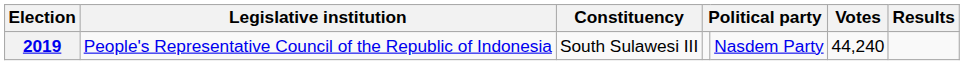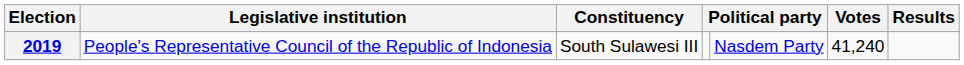 <table class="wikitable">
 <tr>
 <th>Election</th>
 <th><strong>Legislative institution</strong></th>
 <th>Constituency</th>
 <th colspan="2">Political party</th>
 <th>Votes</th>
 <th>Results</th>
 </tr>
 <tr>
 <th><strong><a href='#'>2019</a></strong></th>
 <td rowspan="3"><a href='#'>People's Representative Council of the Republic of Indonesia</a></td>
 <td rowspan="3">South Sulawesi III</td>
 <td style="background:"></td>
 <td rowspan="3"><a href='#'>Nasdem Party</a></td>
-<td>44,240</td>
+<td>41,240</td>
 <td></td>
 </tr>
 </table>
